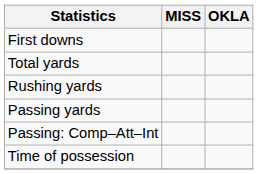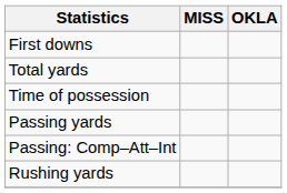 <table class="wikitable" style="float: left;">
 <tr>
 <th>Statistics</th>
 <th>MISS</th>
 <th>OKLA</th>
 </tr>
 <tr>
 <td>First downs</td>
 <td></td>
 <td></td>
 </tr>
 <tr>
 <td>Total yards</td>
 <td></td>
 <td></td>
 </tr>
 <tr>
-<td>Rushing yards</td>
+<td>Time of possession</td>
 <td></td>
 <td></td>
 </tr>
 <tr>
 <td>Passing yards</td>
 <td></td>
 <td></td>
 </tr>
 <tr>
 <td>Passing: Comp–Att–Int</td>
 <td></td>
 <td></td>
 </tr>
 <tr>
-<td>Time of possession</td>
+<td>Rushing yards</td>
 <td></td>
 <td></td>
 </tr>
 <tr>
 </tr>
 </table>
